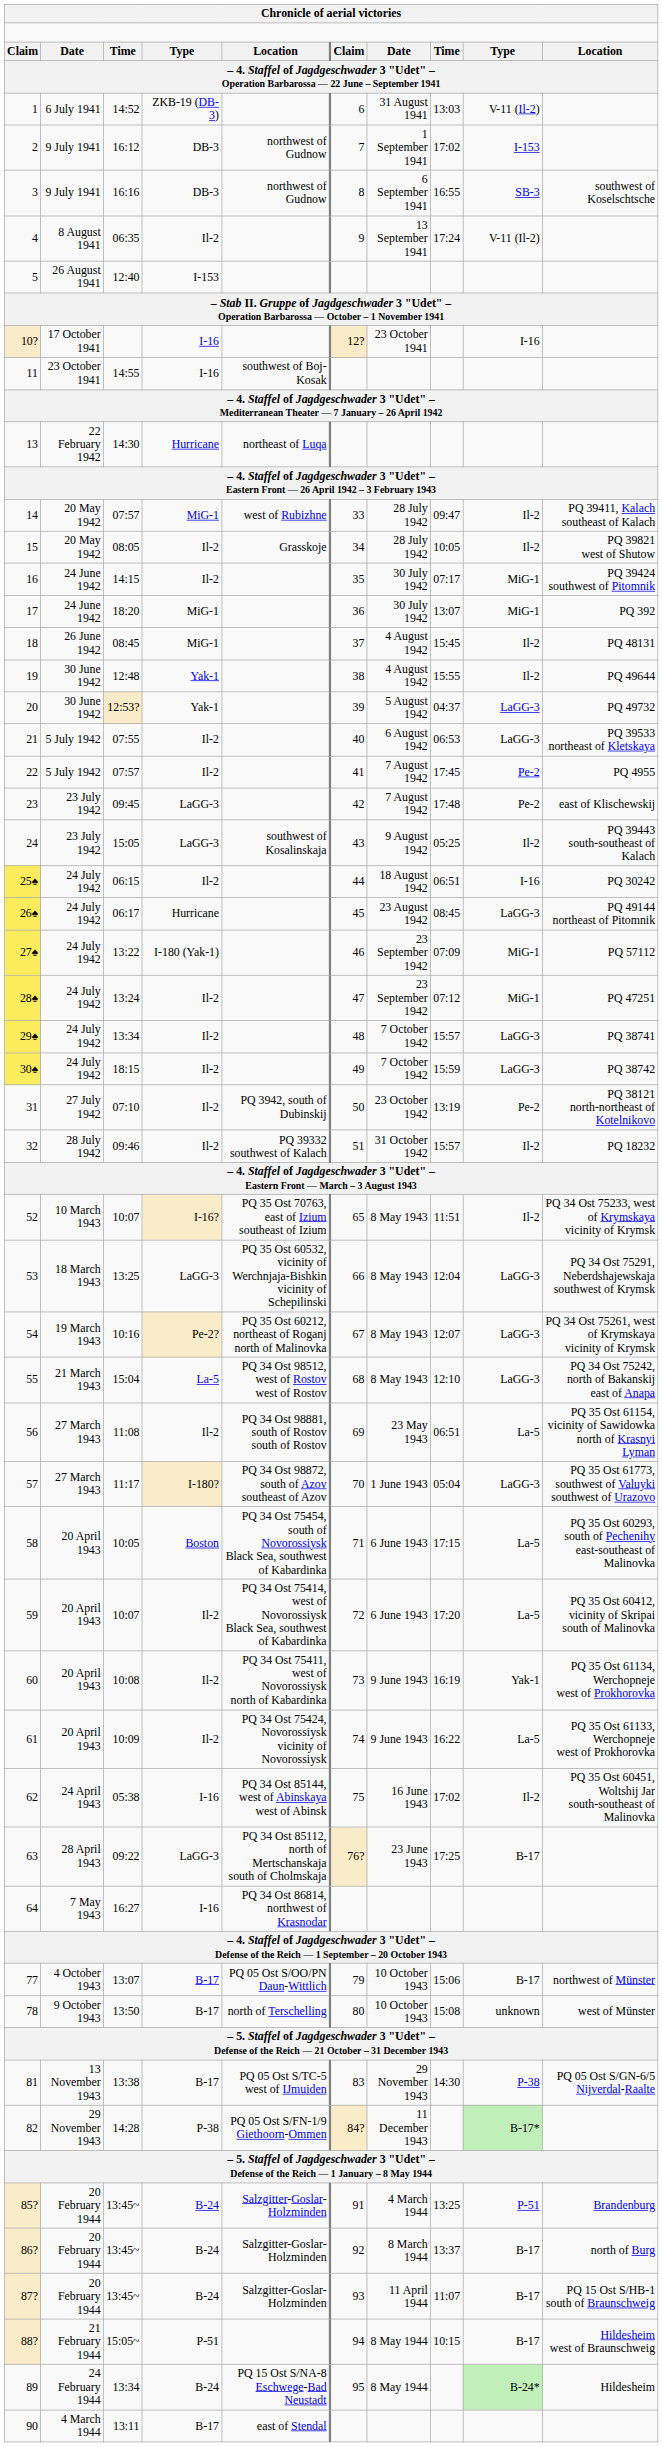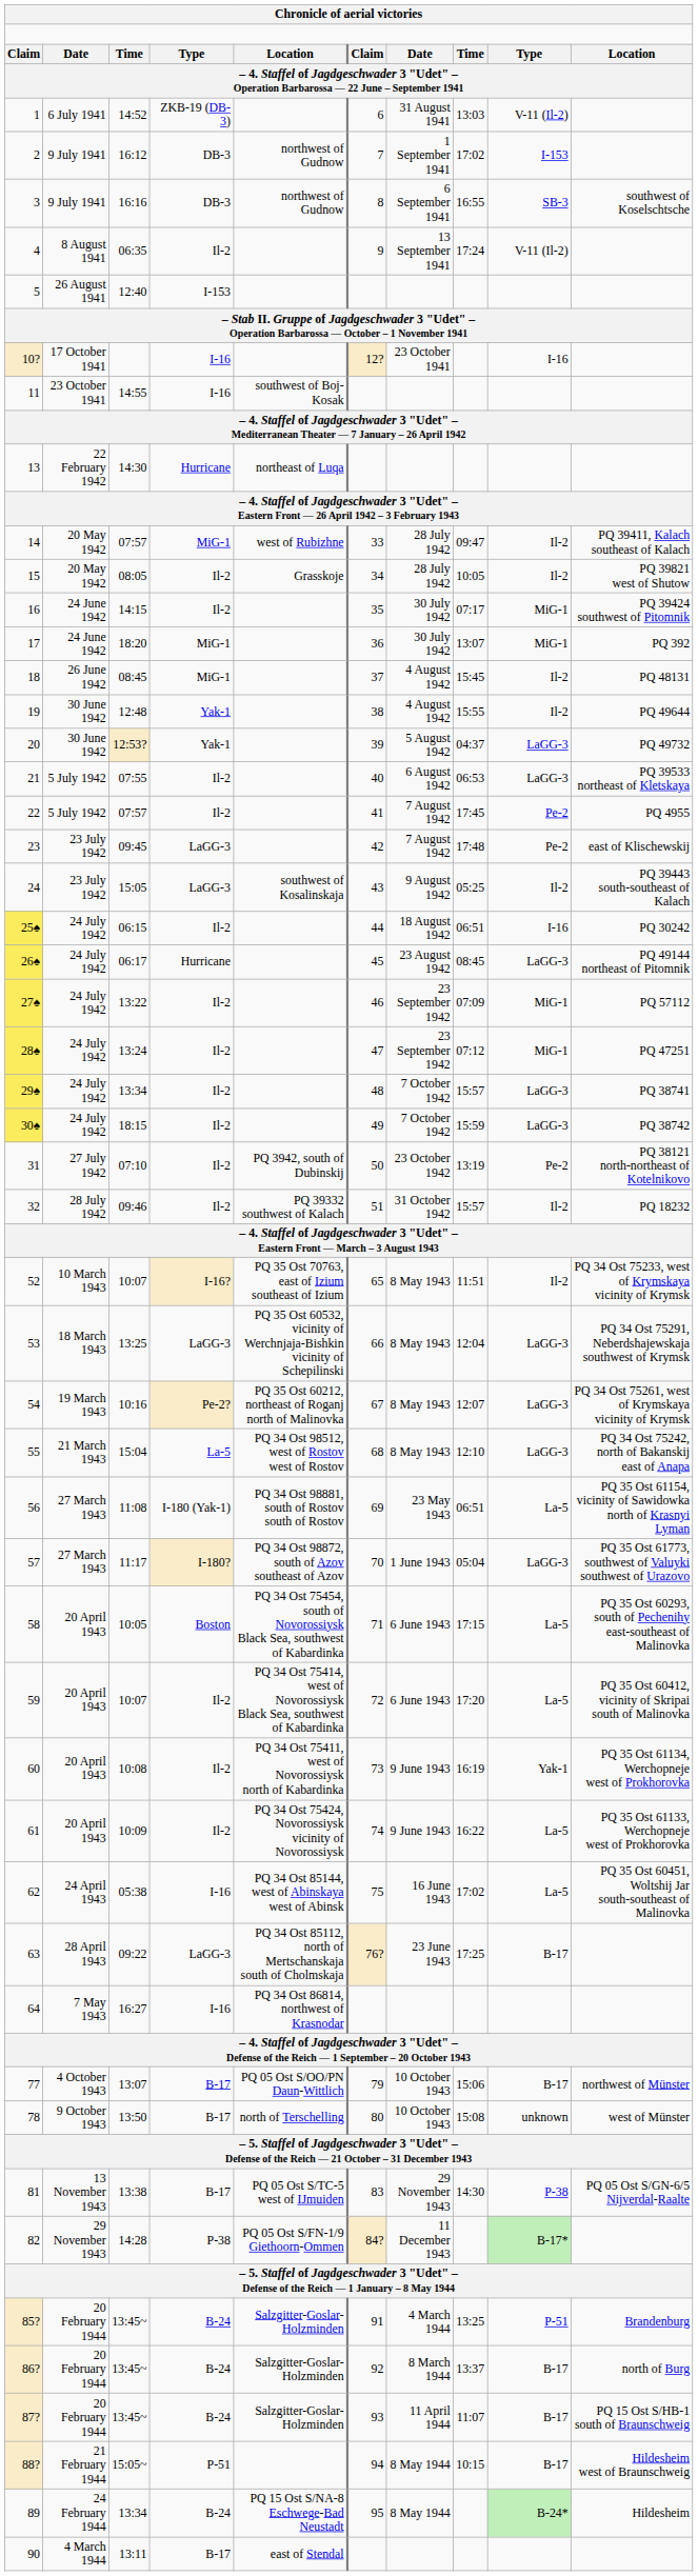 <table class="wikitable plainrowheaders collapsible" style="margin-left: auto; margin-right: auto; border: none; text-align:right; width: 100%;">
 <tr>
 <th colspan="10">Chronicle of aerial victories</th>
 </tr>
 <tr>
 <td colspan="10" style="text-align: left;"><br>  </td>
 </tr>
 <tr>
 <th scope="col">Claim</th>
 <th scope="col">Date</th>
 <th scope="col">Time</th>
 <th scope="col" width="100px">Type</th>
 <th scope="col">Location</th>
 <th scope="col" style="border-left: 3px solid grey;">Claim</th>
 <th scope="col">Date</th>
 <th scope="col">Time</th>
 <th scope="col" width="100px">Type</th>
 <th scope="col">Location</th>
 </tr>
 <tr>
 <th colspan="10">– 4. <em>Staffel</em> of <em>Jagdgeschwader</em> 3 "Udet" –<br><small>Operation Barbarossa — 22 June – September 1941</small></th>
 </tr>
 <tr>
 <td>1</td>
 <td>6 July 1941</td>
 <td>14:52</td>
 <td>ZKB-19 (<a href='#'>DB-3</a>)</td>
 <td></td>
 <td style="border-left: 3px solid grey;">6</td>
 <td>31 August 1941</td>
 <td>13:03</td>
 <td>V-11 (<a href='#'>Il-2</a>)</td>
 <td></td>
 </tr>
 <tr>
 <td>2</td>
 <td>9 July 1941</td>
 <td>16:12</td>
 <td>DB-3</td>
 <td>northwest of Gudnow</td>
 <td style="border-left: 3px solid grey;">7</td>
 <td>1 September 1941</td>
 <td>17:02</td>
 <td><a href='#'>I-153</a></td>
 <td></td>
 </tr>
 <tr>
 <td>3</td>
 <td>9 July 1941</td>
 <td>16:16</td>
 <td>DB-3</td>
 <td>northwest of Gudnow</td>
 <td style="border-left: 3px solid grey;">8</td>
 <td>6 September 1941</td>
 <td>16:55</td>
 <td><a href='#'>SB-3</a></td>
 <td> southwest of Koselschtsche</td>
 </tr>
 <tr>
 <td>4</td>
 <td>8 August 1941</td>
 <td>06:35</td>
 <td>Il-2</td>
 <td></td>
 <td style="border-left: 3px solid grey;">9</td>
 <td>13 September 1941</td>
 <td>17:24</td>
 <td>V-11 (Il-2)</td>
 <td></td>
 </tr>
 <tr>
 <td>5</td>
 <td>26 August 1941</td>
 <td>12:40</td>
 <td>I-153</td>
 <td></td>
 <td style="border-left: 3px solid grey;"></td>
 <td></td>
 <td></td>
 <td></td>
 <td></td>
 </tr>
 <tr>
 <th colspan="10">– <em>Stab</em> II. <em>Gruppe</em> of <em>Jagdgeschwader</em> 3 "Udet" –<br><small>Operation Barbarossa — October – 1 November 1941</small></th>
 </tr>
 <tr>
 <td style="background:#faecc8">10?</td>
 <td>17 October 1941</td>
 <td></td>
 <td><a href='#'>I-16</a></td>
 <td></td>
 <td style="border-left: 3px solid grey; background:#faecc8">12?</td>
 <td>23 October 1941</td>
 <td></td>
 <td>I-16</td>
 <td></td>
 </tr>
 <tr>
 <td>11</td>
 <td>23 October 1941</td>
 <td>14:55</td>
 <td>I-16</td>
 <td> southwest of Boj-Kosak</td>
 <td style="border-left: 3px solid grey;"></td>
 <td></td>
 <td></td>
 <td></td>
 <td></td>
 </tr>
 <tr>
 <th colspan="10">– 4. <em>Staffel</em> of <em>Jagdgeschwader</em> 3 "Udet" –<br><small>Mediterranean Theater — 7 January – 26 April 1942</small></th>
 </tr>
 <tr>
 <td>13</td>
 <td>22 February 1942</td>
 <td>14:30</td>
 <td><a href='#'>Hurricane</a></td>
 <td> northeast of <a href='#'>Luqa</a></td>
 <td style="border-left: 3px solid grey;"></td>
 <td></td>
 <td></td>
 <td></td>
 <td></td>
 </tr>
 <tr>
 <th colspan="10">– 4. <em>Staffel</em> of <em>Jagdgeschwader</em> 3 "Udet" –<br><small>Eastern Front — 26 April 1942 – 3 February 1943</small></th>
 </tr>
 <tr>
 <td>14</td>
 <td>20 May 1942</td>
 <td>07:57</td>
 <td><a href='#'>MiG-1</a></td>
 <td>west of <a href='#'>Rubizhne</a></td>
 <td style="border-left: 3px solid grey;">33</td>
 <td>28 July 1942</td>
 <td>09:47</td>
 <td>Il-2</td>
 <td>PQ 39411, <a href='#'>Kalach</a><br> southeast of Kalach</td>
 </tr>
 <tr>
 <td>15</td>
 <td>20 May 1942</td>
 <td>08:05</td>
 <td>Il-2</td>
 <td>Grasskoje</td>
 <td style="border-left: 3px solid grey;">34</td>
 <td>28 July 1942</td>
 <td>10:05</td>
 <td>Il-2</td>
 <td>PQ 39821<br> west of Shutow</td>
 </tr>
 <tr>
 <td>16</td>
 <td>24 June 1942</td>
 <td>14:15</td>
 <td>Il-2</td>
 <td></td>
 <td style="border-left: 3px solid grey;">35</td>
 <td>30 July 1942</td>
 <td>07:17</td>
 <td>MiG-1</td>
 <td>PQ 39424<br> southwest of <a href='#'>Pitomnik</a></td>
 </tr>
 <tr>
 <td>17</td>
 <td>24 June 1942</td>
 <td>18:20</td>
 <td>MiG-1</td>
 <td></td>
 <td style="border-left: 3px solid grey;">36</td>
 <td>30 July 1942</td>
 <td>13:07</td>
 <td>MiG-1</td>
 <td>PQ 392</td>
 </tr>
 <tr>
 <td>18</td>
 <td>26 June 1942</td>
 <td>08:45</td>
 <td>MiG-1</td>
 <td></td>
 <td style="border-left: 3px solid grey;">37</td>
 <td>4 August 1942</td>
 <td>15:45</td>
 <td>Il-2</td>
 <td>PQ 48131</td>
 </tr>
 <tr>
 <td>19</td>
 <td>30 June 1942</td>
 <td>12:48</td>
 <td><a href='#'>Yak-1</a></td>
 <td></td>
 <td style="border-left: 3px solid grey;">38</td>
 <td>4 August 1942</td>
 <td>15:55</td>
 <td>Il-2</td>
 <td>PQ 49644</td>
 </tr>
 <tr>
 <td>20</td>
 <td>30 June 1942</td>
 <td style="background:#faecc8">12:53?</td>
 <td>Yak-1</td>
 <td></td>
 <td style="border-left: 3px solid grey;">39</td>
 <td>5 August 1942</td>
 <td>04:37</td>
 <td><a href='#'>LaGG-3</a></td>
 <td>PQ 49732</td>
 </tr>
 <tr>
 <td>21</td>
 <td>5 July 1942</td>
 <td>07:55</td>
 <td>Il-2</td>
 <td></td>
 <td style="border-left: 3px solid grey;">40</td>
 <td>6 August 1942</td>
 <td>06:53</td>
 <td>LaGG-3</td>
 <td>PQ 39533<br> northeast of <a href='#'>Kletskaya</a></td>
 </tr>
 <tr>
 <td>22</td>
 <td>5 July 1942</td>
 <td>07:57</td>
 <td>Il-2</td>
 <td></td>
 <td style="border-left: 3px solid grey;">41</td>
 <td>7 August 1942</td>
 <td>17:45</td>
 <td><a href='#'>Pe-2</a></td>
 <td>PQ 4955</td>
 </tr>
 <tr>
 <td>23</td>
 <td>23 July 1942</td>
 <td>09:45</td>
 <td>LaGG-3</td>
 <td></td>
 <td style="border-left: 3px solid grey;">42</td>
 <td>7 August 1942</td>
 <td>17:48</td>
 <td>Pe-2</td>
 <td> east of Klischewskij</td>
 </tr>
 <tr>
 <td>24</td>
 <td>23 July 1942</td>
 <td>15:05</td>
 <td>LaGG-3</td>
 <td>southwest of Kosalinskaja</td>
 <td style="border-left: 3px solid grey;">43</td>
 <td>9 August 1942</td>
 <td>05:25</td>
 <td>Il-2</td>
 <td>PQ 39443<br> south-southeast of Kalach</td>
 </tr>
 <tr>
 <td style="background:#fbec5d;">25♠</td>
 <td>24 July 1942</td>
 <td>06:15</td>
 <td>Il-2</td>
 <td></td>
 <td style="border-left: 3px solid grey;">44</td>
 <td>18 August 1942</td>
 <td>06:51</td>
 <td>I-16</td>
 <td>PQ 30242</td>
 </tr>
 <tr>
 <td style="background:#fbec5d;">26♠</td>
 <td>24 July 1942</td>
 <td>06:17</td>
 <td>Hurricane</td>
 <td></td>
 <td style="border-left: 3px solid grey;">45</td>
 <td>23 August 1942</td>
 <td>08:45</td>
 <td>LaGG-3</td>
 <td>PQ 49144<br> northeast of Pitomnik</td>
 </tr>
 <tr>
 <td style="background:#fbec5d;">27♠</td>
 <td>24 July 1942</td>
 <td>13:22</td>
-<td>I-180 (Yak-1)</td>
+<td>Il-2</td>
 <td></td>
 <td style="border-left: 3px solid grey;">46</td>
 <td>23 September 1942</td>
 <td>07:09</td>
 <td>MiG-1</td>
 <td>PQ 57112</td>
 </tr>
 <tr>
 <td style="background:#fbec5d;">28♠</td>
 <td>24 July 1942</td>
 <td>13:24</td>
 <td>Il-2</td>
 <td></td>
 <td style="border-left: 3px solid grey;">47</td>
 <td>23 September 1942</td>
 <td>07:12</td>
 <td>MiG-1</td>
 <td>PQ 47251</td>
 </tr>
 <tr>
 <td style="background:#fbec5d;">29♠</td>
 <td>24 July 1942</td>
 <td>13:34</td>
 <td>Il-2</td>
 <td></td>
 <td style="border-left: 3px solid grey;">48</td>
 <td>7 October 1942</td>
 <td>15:57</td>
 <td>LaGG-3</td>
 <td>PQ 38741</td>
 </tr>
 <tr>
 <td style="background:#fbec5d;">30♠</td>
 <td>24 July 1942</td>
 <td>18:15</td>
 <td>Il-2</td>
 <td></td>
 <td style="border-left: 3px solid grey;">49</td>
 <td>7 October 1942</td>
 <td>15:59</td>
 <td>LaGG-3</td>
 <td>PQ 38742</td>
 </tr>
 <tr>
 <td>31</td>
 <td>27 July 1942</td>
 <td>07:10</td>
 <td>Il-2</td>
 <td>PQ 3942, south of Dubinskij</td>
 <td style="border-left: 3px solid grey;">50</td>
 <td>23 October 1942</td>
 <td>13:19</td>
 <td>Pe-2</td>
 <td>PQ 38121<br> north-northeast of <a href='#'>Kotelnikovo</a></td>
 </tr>
 <tr>
 <td>32</td>
 <td>28 July 1942</td>
 <td>09:46</td>
 <td>Il-2</td>
 <td>PQ 39332<br> southwest of Kalach</td>
 <td style="border-left: 3px solid grey;">51</td>
 <td>31 October 1942</td>
 <td>15:57</td>
 <td>Il-2</td>
 <td>PQ 18232</td>
 </tr>
 <tr>
 <th colspan="10">– 4. <em>Staffel</em> of <em>Jagdgeschwader</em> 3 "Udet" –<br><small>Eastern Front — March – 3 August 1943</small></th>
 </tr>
 <tr>
 <td>52</td>
 <td>10 March 1943</td>
 <td>10:07</td>
 <td style="background:#faecc8">I-16?</td>
 <td>PQ 35 Ost 70763, east of <a href='#'>Izium</a><br> southeast of Izium</td>
 <td style="border-left: 3px solid grey;">65</td>
 <td>8 May 1943</td>
 <td>11:51</td>
 <td>Il-2</td>
 <td>PQ 34 Ost 75233, west of <a href='#'>Krymskaya</a><br>vicinity of Krymsk</td>
 </tr>
 <tr>
 <td>53</td>
 <td>18 March 1943</td>
 <td>13:25</td>
 <td>LaGG-3</td>
 <td>PQ 35 Ost 60532, vicinity of Werchnjaja-Bishkin<br>vicinity of Schepilinski</td>
 <td style="border-left: 3px solid grey;">66</td>
 <td>8 May 1943</td>
 <td>12:04</td>
 <td>LaGG-3</td>
 <td>PQ 34 Ost 75291, Neberdshajewskaja<br> southwest of Krymsk</td>
 </tr>
 <tr>
 <td>54</td>
 <td>19 March 1943</td>
 <td>10:16</td>
 <td style="background:#faecc8">Pe-2?</td>
 <td>PQ 35 Ost 60212, northeast of Roganj<br> north of Malinovka</td>
 <td style="border-left: 3px solid grey;">67</td>
 <td>8 May 1943</td>
 <td>12:07</td>
 <td>LaGG-3</td>
 <td>PQ 34 Ost 75261, west of Krymskaya<br>vicinity of Krymsk</td>
 </tr>
 <tr>
 <td>55</td>
 <td>21 March 1943</td>
 <td>15:04</td>
 <td><a href='#'>La-5</a></td>
 <td>PQ 34 Ost 98512, west of <a href='#'>Rostov</a><br> west of Rostov</td>
 <td style="border-left: 3px solid grey;">68</td>
 <td>8 May 1943</td>
 <td>12:10</td>
 <td>LaGG-3</td>
 <td>PQ 34 Ost 75242, north of Bakanskij<br> east of <a href='#'>Anapa</a></td>
 </tr>
 <tr>
 <td>56</td>
 <td>27 March 1943</td>
 <td>11:08</td>
-<td>Il-2</td>
+<td>I-180 (Yak-1)</td>
 <td>PQ 34 Ost 98881, south of Rostov<br> south of Rostov</td>
 <td style="border-left: 3px solid grey;">69</td>
 <td>23 May 1943</td>
 <td>06:51</td>
 <td>La-5</td>
 <td>PQ 35 Ost 61154, vicinity of Sawidowka<br> north of <a href='#'>Krasnyi Lyman</a></td>
 </tr>
 <tr>
 <td>57</td>
 <td>27 March 1943</td>
 <td>11:17</td>
 <td style="background:#faecc8">I-180?</td>
 <td>PQ 34 Ost 98872, south of <a href='#'>Azov</a><br> southeast of Azov</td>
 <td style="border-left: 3px solid grey;">70</td>
 <td>1 June 1943</td>
 <td>05:04</td>
 <td>LaGG-3</td>
 <td>PQ 35 Ost 61773,  southwest of <a href='#'>Valuyki</a><br> southwest of <a href='#'>Urazovo</a></td>
 </tr>
 <tr>
 <td>58</td>
 <td>20 April 1943</td>
 <td>10:05</td>
 <td><a href='#'>Boston</a></td>
 <td>PQ 34 Ost 75454, south of <a href='#'>Novorossiysk</a><br>Black Sea,  southwest of Kabardinka</td>
 <td style="border-left: 3px solid grey;">71</td>
 <td>6 June 1943</td>
 <td>17:15</td>
 <td>La-5</td>
 <td>PQ 35 Ost 60293, south of <a href='#'>Pechenihy</a><br> east-southeast of Malinovka</td>
 </tr>
 <tr>
 <td>59</td>
 <td>20 April 1943</td>
 <td>10:07</td>
 <td>Il-2</td>
 <td>PQ 34 Ost 75414, west of Novorossiysk<br>Black Sea,  southwest of Kabardinka</td>
 <td style="border-left: 3px solid grey;">72</td>
 <td>6 June 1943</td>
 <td>17:20</td>
 <td>La-5</td>
 <td>PQ 35 Ost 60412, vicinity of Skripai<br> south of Malinovka</td>
 </tr>
 <tr>
 <td>60</td>
 <td>20 April 1943</td>
 <td>10:08</td>
 <td>Il-2</td>
 <td>PQ 34 Ost 75411, west of Novorossiysk<br> north of Kabardinka</td>
 <td style="border-left: 3px solid grey;">73</td>
 <td>9 June 1943</td>
 <td>16:19</td>
 <td>Yak-1</td>
 <td>PQ 35 Ost 61134, Werchopneje<br> west of <a href='#'>Prokhorovka</a></td>
 </tr>
 <tr>
 <td>61</td>
 <td>20 April 1943</td>
 <td>10:09</td>
 <td>Il-2</td>
 <td>PQ 34 Ost 75424, Novorossiysk<br>vicinity of Novorossiysk</td>
 <td style="border-left: 3px solid grey;">74</td>
 <td>9 June 1943</td>
 <td>16:22</td>
 <td>La-5</td>
 <td>PQ 35 Ost 61133, Werchopneje<br> west of Prokhorovka</td>
 </tr>
 <tr>
 <td>62</td>
 <td>24 April 1943</td>
 <td>05:38</td>
 <td>I-16</td>
 <td>PQ 34 Ost 85144, west of <a href='#'>Abinskaya</a><br>west of Abinsk</td>
 <td style="border-left: 3px solid grey;">75</td>
 <td>16 June 1943</td>
 <td>17:02</td>
-<td>Il-2</td>
+<td>La-5</td>
 <td>PQ 35 Ost 60451, Woltshij Jar<br> south-southeast of Malinovka</td>
 </tr>
 <tr>
 <td>63</td>
 <td>28 April 1943</td>
 <td>09:22</td>
 <td>LaGG-3</td>
 <td>PQ 34 Ost 85112, north of Mertschanskaja<br>south of Cholmskaja</td>
 <td style="border-left: 3px solid grey; background:#faecc8">76?</td>
 <td>23 June 1943</td>
 <td>17:25</td>
 <td>B-17</td>
 <td></td>
 </tr>
 <tr>
 <td>64</td>
 <td>7 May 1943</td>
 <td>16:27</td>
 <td>I-16</td>
 <td>PQ 34 Ost 86814, northwest of <a href='#'>Krasnodar</a></td>
 <td style="border-left: 3px solid grey;"></td>
 <td></td>
 <td></td>
 <td></td>
 <td></td>
 </tr>
 <tr>
 <th colspan="10">– 4. <em>Staffel</em> of <em>Jagdgeschwader</em> 3 "Udet" –<br><small>Defense of the Reich — 1 September – 20 October 1943</small></th>
 </tr>
 <tr>
 <td>77</td>
 <td>4 October 1943</td>
 <td>13:07</td>
 <td><a href='#'>B-17</a></td>
 <td>PQ 05 Ost S/OO/PN<br><a href='#'>Daun</a>-<a href='#'>Wittlich</a></td>
 <td style="border-left: 3px solid grey;">79</td>
 <td>10 October 1943</td>
 <td>15:06</td>
 <td>B-17</td>
 <td> northwest of <a href='#'>Münster</a></td>
 </tr>
 <tr>
 <td>78</td>
 <td>9 October 1943</td>
 <td>13:50</td>
 <td>B-17</td>
 <td> north of <a href='#'>Terschelling</a></td>
 <td style="border-left: 3px solid grey;">80</td>
 <td>10 October 1943</td>
 <td>15:08</td>
 <td>unknown</td>
 <td> west of Münster</td>
 </tr>
 <tr>
 <th colspan="10">– 5. <em>Staffel</em> of <em>Jagdgeschwader</em> 3 "Udet" –<br><small>Defense of the Reich — 21 October – 31 December 1943</small></th>
 </tr>
 <tr>
 <td>81</td>
 <td>13 November 1943</td>
 <td>13:38</td>
 <td>B-17</td>
 <td>PQ 05 Ost S/TC-5<br> west of <a href='#'>IJmuiden</a></td>
 <td style="border-left: 3px solid grey;">83</td>
 <td>29 November 1943</td>
 <td>14:30</td>
 <td><a href='#'>P-38</a></td>
 <td>PQ 05 Ost S/GN-6/5<br><a href='#'>Nijverdal</a>-<a href='#'>Raalte</a></td>
 </tr>
 <tr>
 <td>82</td>
 <td>29 November 1943</td>
 <td>14:28</td>
 <td>P-38</td>
 <td>PQ 05 Ost S/FN-1/9<br><a href='#'>Giethoorn</a>-<a href='#'>Ommen</a></td>
 <td style="border-left: 3px solid grey; background:#faecc8">84?</td>
 <td>11 December 1943</td>
 <td></td>
 <td style="background:#C0EFBA">B-17*</td>
 <td></td>
 </tr>
 <tr>
 <th colspan="10">– 5. <em>Staffel</em> of <em>Jagdgeschwader</em> 3 "Udet" –<br><small>Defense of the Reich — 1 January – 8 May 1944</small></th>
 </tr>
 <tr>
 <td style="background:#faecc8">85?</td>
 <td>20 February 1944</td>
 <td>13:45~</td>
 <td><a href='#'>B-24</a></td>
 <td><a href='#'>Salzgitter</a>-<a href='#'>Goslar</a>-<a href='#'>Holzminden</a></td>
 <td style="border-left: 3px solid grey;">91</td>
 <td>4 March 1944</td>
 <td>13:25</td>
 <td><a href='#'>P-51</a></td>
 <td><a href='#'>Brandenburg</a></td>
 </tr>
 <tr>
 <td style="background:#faecc8">86?</td>
 <td>20 February 1944</td>
 <td>13:45~</td>
 <td>B-24</td>
 <td>Salzgitter-Goslar-Holzminden</td>
 <td style="border-left: 3px solid grey;">92</td>
 <td>8 March 1944</td>
 <td>13:37</td>
 <td>B-17</td>
 <td> north of <a href='#'>Burg</a></td>
 </tr>
 <tr>
 <td style="background:#faecc8">87?</td>
 <td>20 February 1944</td>
 <td>13:45~</td>
 <td>B-24</td>
 <td>Salzgitter-Goslar-Holzminden</td>
 <td style="border-left: 3px solid grey;">93</td>
 <td>11 April 1944</td>
 <td>11:07</td>
 <td>B-17</td>
 <td>PQ 15 Ost S/HB-1<br>south of <a href='#'>Braunschweig</a></td>
 </tr>
 <tr>
 <td style="background:#faecc8">88?</td>
 <td>21 February 1944</td>
 <td>15:05~</td>
 <td>P-51</td>
 <td></td>
 <td style="border-left: 3px solid grey;">94</td>
 <td>8 May 1944</td>
 <td>10:15</td>
 <td>B-17</td>
 <td><a href='#'>Hildesheim</a><br>west of Braunschweig</td>
 </tr>
 <tr>
 <td>89</td>
 <td>24 February 1944</td>
 <td>13:34</td>
 <td>B-24</td>
 <td>PQ 15 Ost S/NA-8<br><a href='#'>Eschwege</a>-<a href='#'>Bad Neustadt</a></td>
 <td style="border-left: 3px solid grey;">95</td>
 <td>8 May 1944</td>
 <td></td>
 <td style="background:#C0EFBA">B-24*</td>
 <td>Hildesheim</td>
 </tr>
 <tr>
 <td>90</td>
 <td>4 March 1944</td>
 <td>13:11</td>
 <td>B-17</td>
 <td>east of <a href='#'>Stendal</a></td>
 <td style="border-left: 3px solid grey;"></td>
 <td></td>
 <td></td>
 <td></td>
 <td></td>
 </tr>
 </table>
